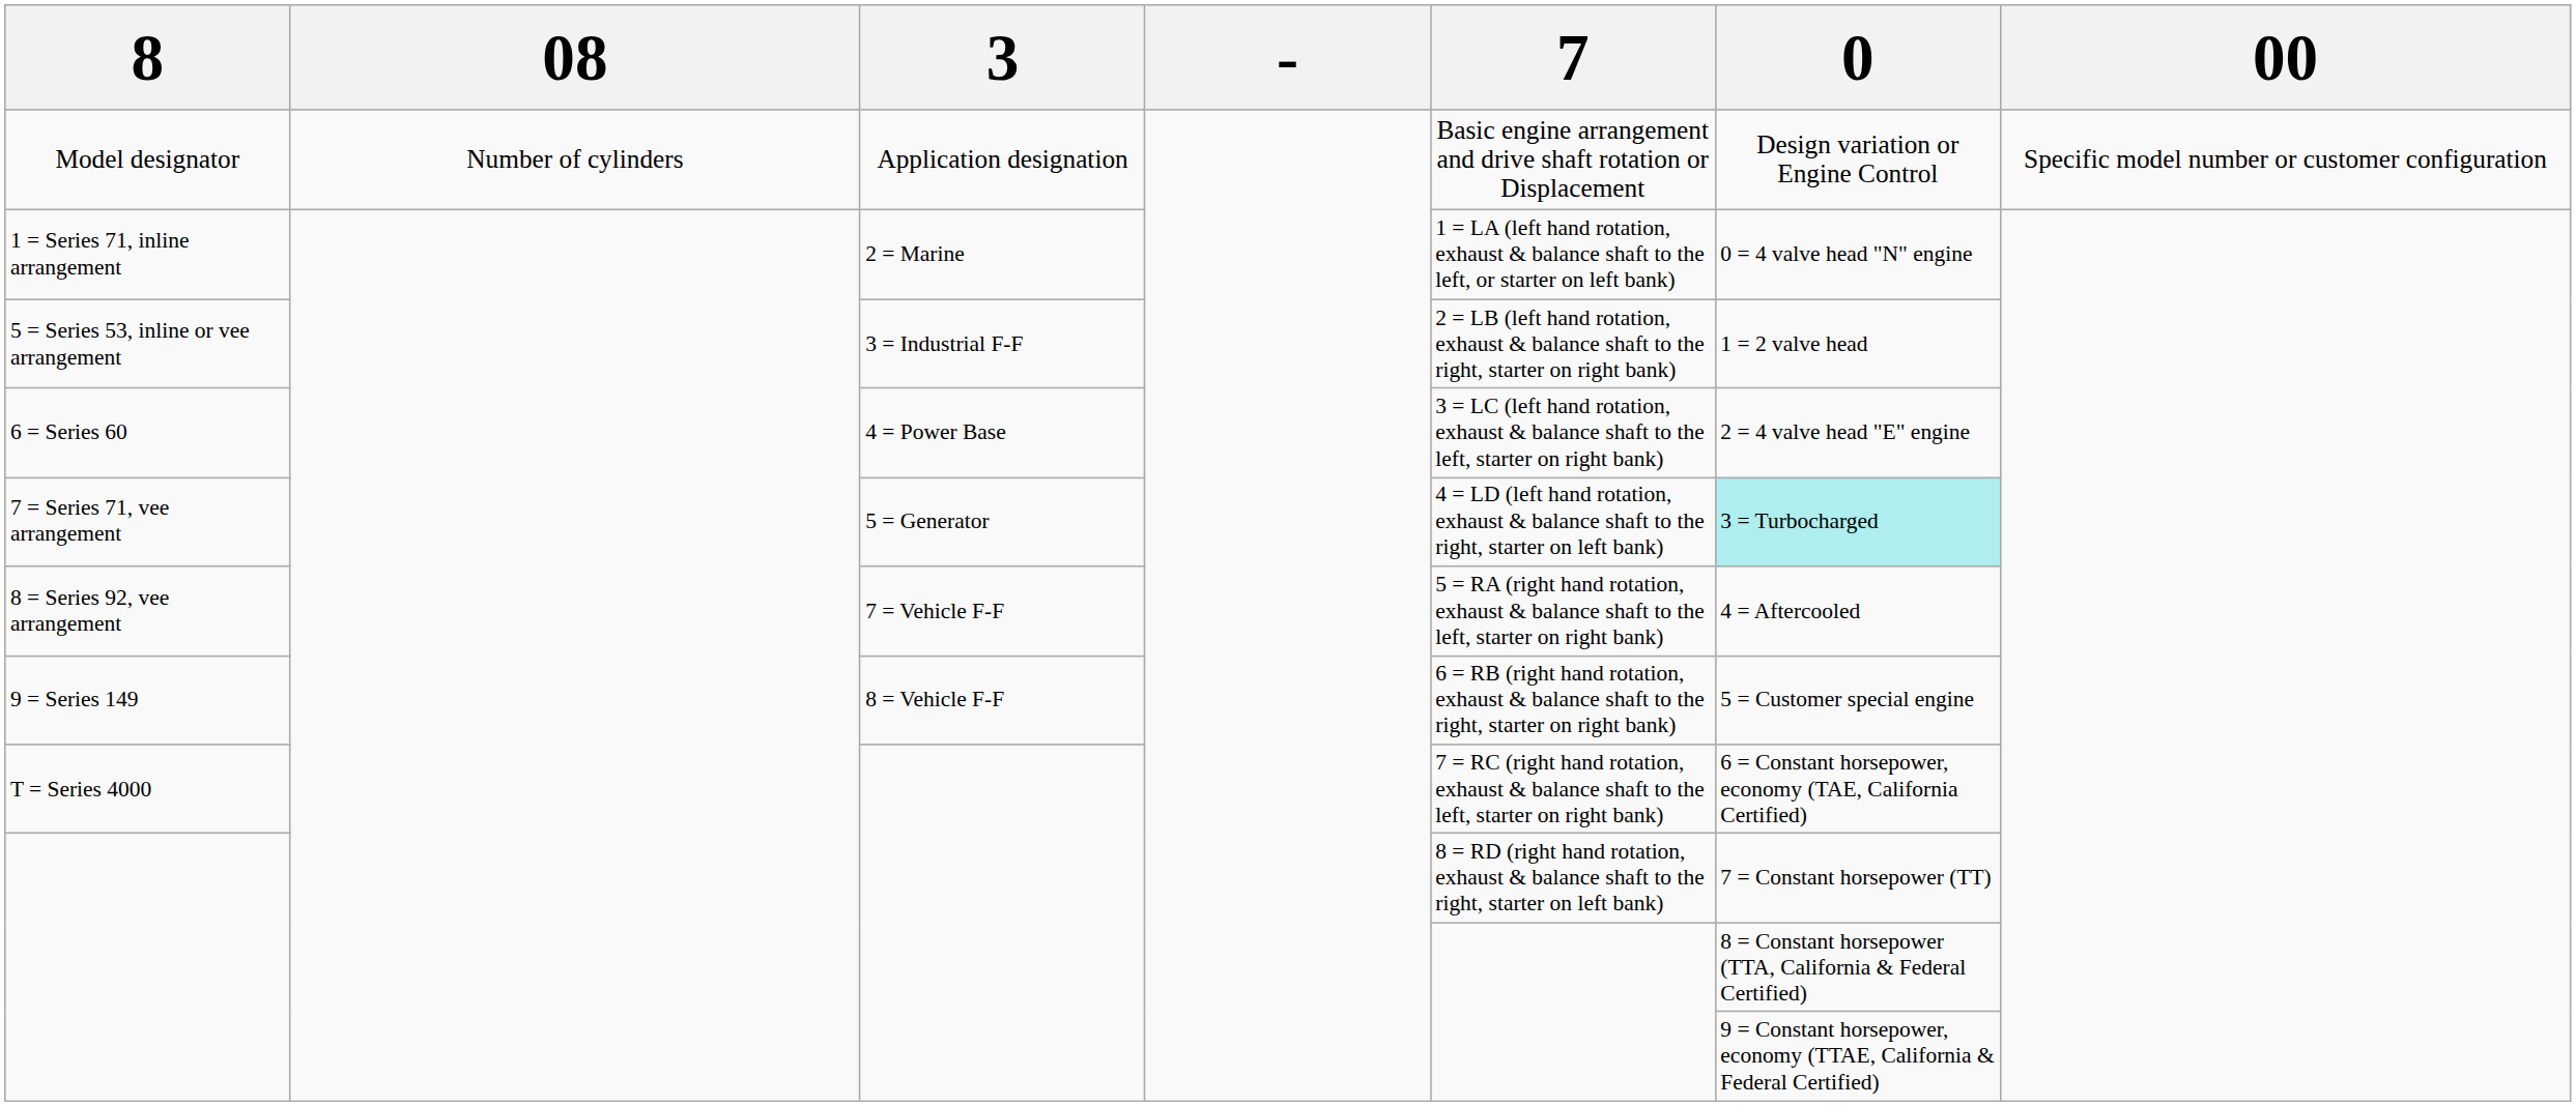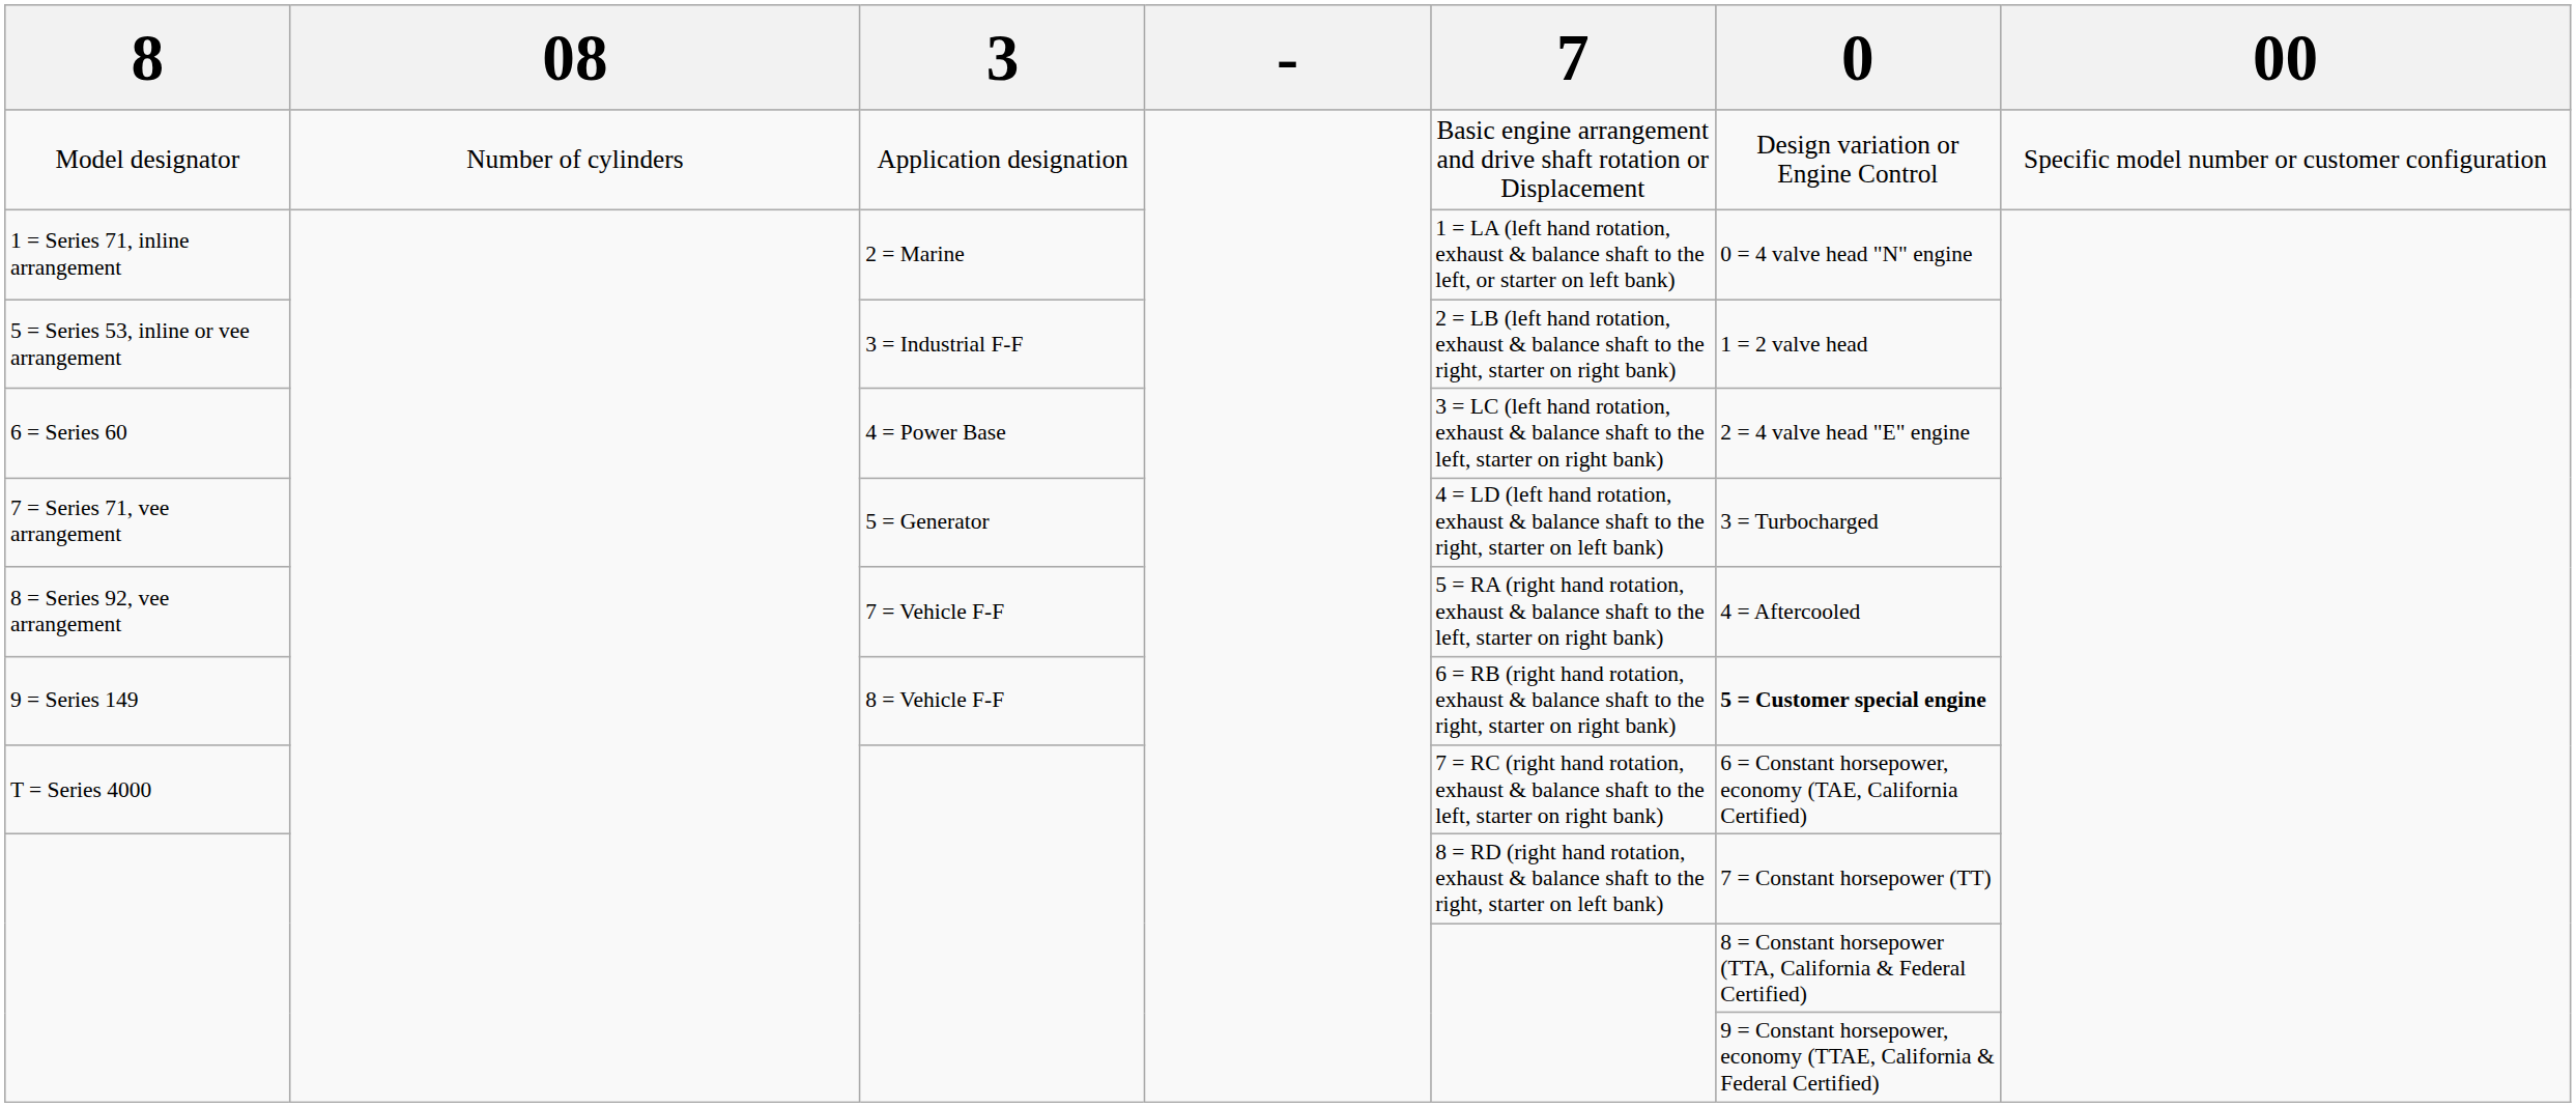 <table class=wikitable style="text-align:center;">
 <tr style="font-size:250%;">
 <th width=10%>8</th>
 <th width=20%>08</th>
 <th width=10%>3</th>
 <th width=10%>-</th>
 <th width=10%>7</th>
 <th width=10%>0</th>
 <th width=20%>00</th>
 </tr>
 <tr>
 <td>Model designator</td>
 <td>Number of cylinders</td>
 <td>Application designation</td>
 <td rowspan=11> </td>
 <td>Basic engine arrangement and drive shaft rotation or Displacement</td>
 <td>Design variation or Engine Control</td>
 <td>Specific model number or customer configuration</td>
 </tr>
 <tr style="text-align:left;font-size:85%;">
 <td>1 = Series 71, inline arrangement</td>
 <td rowspan=10> </td>
 <td>2 = Marine</td>
 <td>1 = LA (left hand rotation, exhaust & balance shaft to the left, or starter on left bank)</td>
 <td>0 = 4 valve head "N" engine</td>
 <td rowspan=10> </td>
 </tr>
 <tr style="text-align:left;font-size:85%;">
 <td>5 = Series 53, inline or vee arrangement</td>
 <td>3 = Industrial F-F</td>
 <td>2 = LB (left hand rotation, exhaust & balance shaft to the right, starter on right bank)</td>
 <td>1 = 2 valve head</td>
 </tr>
 <tr style="text-align:left;font-size:85%;">
 <td>6 = Series 60</td>
 <td>4 = Power Base</td>
 <td>3 = LC (left hand rotation, exhaust & balance shaft to the left, starter on right bank)</td>
 <td>2 = 4 valve head "E" engine</td>
 </tr>
 <tr style="text-align:left;font-size:85%;">
 <td>7 = Series 71, vee arrangement</td>
 <td>5 = Generator</td>
 <td>4 = LD (left hand rotation, exhaust & balance shaft to the right, starter on left bank)</td>
-<td style="background: paleturquoise;">3 = Turbocharged</td>
+<td>3 = Turbocharged</td>
 </tr>
 <tr style="text-align:left;font-size:85%;">
 <td>8 = Series 92, vee arrangement</td>
 <td>7 = Vehicle F-F</td>
 <td>5 = RA (right hand rotation, exhaust & balance shaft to the left, starter on right bank)</td>
 <td>4 = Aftercooled</td>
 </tr>
 <tr style="text-align:left;font-size:85%;">
 <td>9 = Series 149</td>
 <td>8 = Vehicle F-F</td>
 <td>6 = RB (right hand rotation, exhaust & balance shaft to the right, starter on right bank)</td>
-<td>5 = Customer special engine</td>
+<td><strong>5 = Customer special engine</strong></td>
 </tr>
 <tr style="text-align:left;font-size:85%;">
 <td>T = Series 4000</td>
 <td rowspan=4> </td>
 <td>7 = RC (right hand rotation, exhaust & balance shaft to the left, starter on right bank)</td>
 <td>6 = Constant horsepower, economy (TAE, California Certified)</td>
 </tr>
 <tr style="text-align:left;font-size:85%;">
 <td rowspan=3> </td>
 <td>8 = RD (right hand rotation, exhaust & balance shaft to the right, starter on left bank)</td>
 <td>7 = Constant horsepower (TT)</td>
 </tr>
 <tr style="text-align:left;font-size:85%;">
 <td rowspan=2> </td>
 <td>8 = Constant horsepower (TTA, California & Federal Certified)</td>
 </tr>
 <tr style="text-align:left;font-size:85%;">
 <td>9 = Constant horsepower, economy (TTAE, California & Federal Certified)</td>
 </tr>
 </table>
